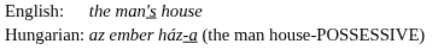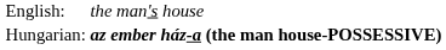 <table>
 <tr>
 <td width=5%></td>
 <td>English:</td>
 <td><em>the man<u>'s</u> house</em></td>
 </tr>
 <tr>
 <td></td>
 <td>Hungarian:</td>
-<td><em>az ember ház<u>-a</u></em> (the man house-POSSESSIVE)</td>
+<td><strong><em>az ember ház<u>-a</u></em> (the man house-POSSESSIVE)</strong></td>
 </tr>
 <tr>
 </tr>
 </table>
